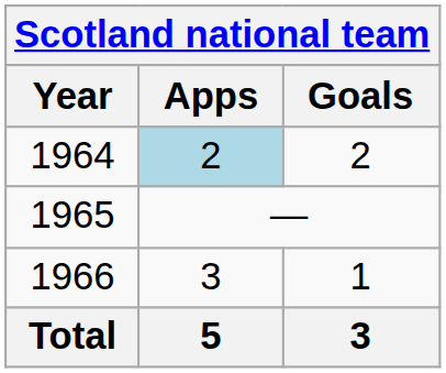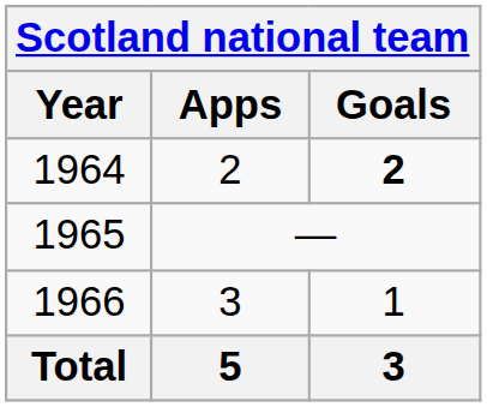 <table class="wikitable" style="text-align:center">
 <tr>
 <th colspan=3><a href='#'>Scotland national team</a></th>
 </tr>
 <tr>
 <th>Year</th>
 <th>Apps</th>
 <th>Goals</th>
 </tr>
 <tr>
 <td>1964</td>
-<td style="background: lightblue;">2</td>
 <td>2</td>
+<td><strong>2</strong></td>
 </tr>
 <tr>
 <td>1965</td>
 <td colspan=2>—</td>
 </tr>
 <tr>
 <td>1966</td>
 <td>3</td>
 <td>1</td>
 </tr>
 <tr>
 <th>Total</th>
 <th>5</th>
 <th>3</th>
 </tr>
 </table>
